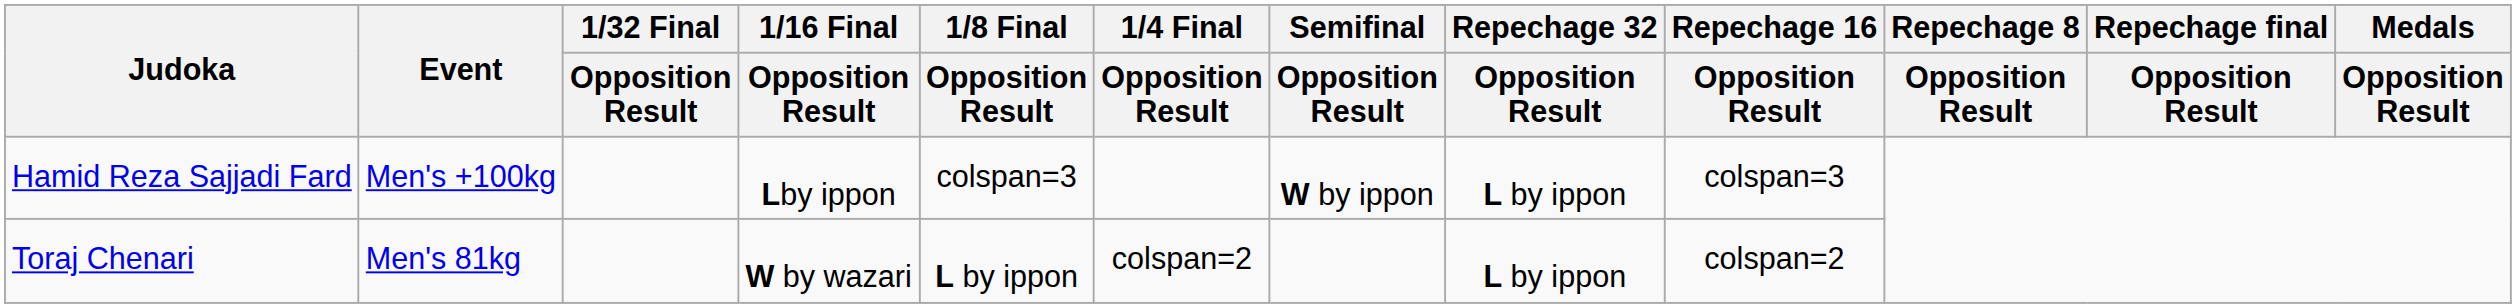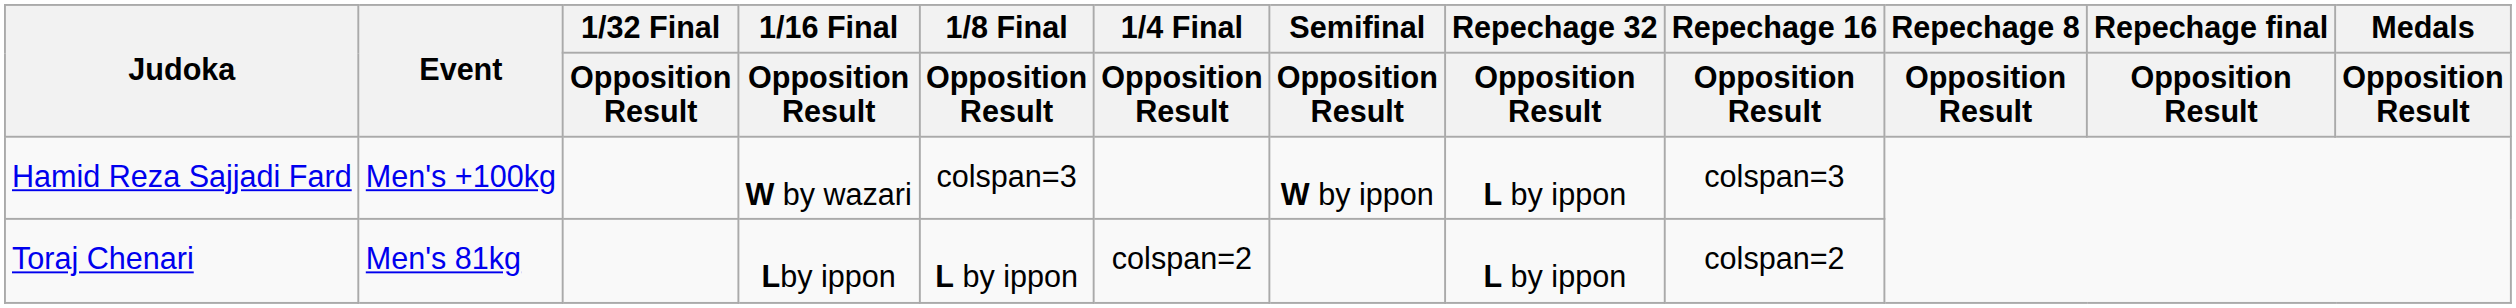 <table class="wikitable">
 <tr>
 <th rowspan="2">Judoka</th>
 <th rowspan="2">Event</th>
 <th>1/32 Final</th>
 <th>1/16 Final</th>
 <th>1/8 Final</th>
 <th>1/4 Final</th>
 <th>Semifinal</th>
 <th>Repechage 32</th>
 <th>Repechage 16</th>
 <th>Repechage 8</th>
 <th>Repechage final</th>
 <th>Medals</th>
 </tr>
 <tr>
 <th>Opposition<br>Result</th>
 <th>Opposition<br>Result</th>
 <th>Opposition<br>Result</th>
 <th>Opposition<br>Result</th>
 <th>Opposition<br>Result</th>
 <th>Opposition<br>Result</th>
 <th>Opposition<br>Result</th>
 <th>Opposition<br>Result</th>
 <th>Opposition<br>Result</th>
 <th>Opposition<br>Result</th>
 </tr>
 <tr align=center>
 <td align=left><a href='#'>Hamid Reza Sajjadi Fard</a></td>
 <td align=left><a href='#'>Men's +100kg</a></td>
 <td></td>
-<td><br><strong>L</strong>by ippon</td>
+<td><br><strong>W</strong> by wazari</td>
 <td>colspan=3 </td>
 <td></td>
 <td><br><strong>W</strong> by ippon</td>
 <td><br><strong>L</strong> by ippon</td>
 <td>colspan=3 </td>
 </tr>
 <tr align=center>
 <td align=left><a href='#'>Toraj Chenari</a></td>
 <td align=left><a href='#'>Men's 81kg</a></td>
 <td></td>
-<td><br><strong>W</strong> by wazari</td>
+<td><br><strong>L</strong>by ippon</td>
 <td><br><strong>L</strong> by ippon</td>
 <td>colspan=2 </td>
 <td></td>
 <td><br><strong>L</strong> by ippon</td>
 <td>colspan=2 </td>
 </tr>
 </table>
